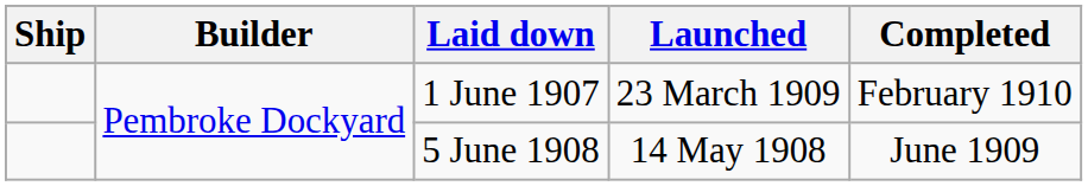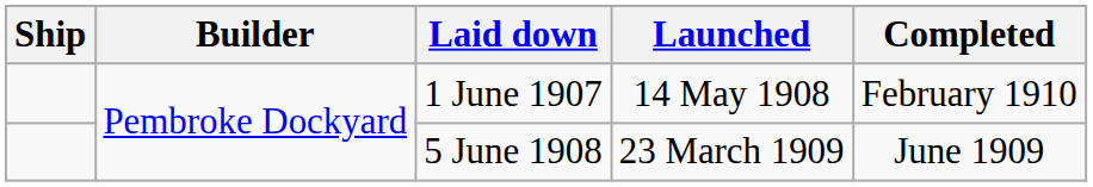 <table class="wikitable plainrowheaders">
 <tr>
 <th scope="col">Ship</th>
 <th scope="col">Builder</th>
 <th scope="col"><a href='#'>Laid down</a></th>
 <th scope="col"><a href='#'>Launched</a></th>
 <th scope="col">Completed</th>
 </tr>
 <tr>
 <td scope="row"></td>
 <td rowspan=2><a href='#'>Pembroke Dockyard</a></td>
 <td align=center>1 June 1907</td>
-<td align=center>23 March 1909</td>
+<td align=center>14 May 1908</td>
 <td align=center>February 1910</td>
 </tr>
 <tr>
 <td scope="row"></td>
 <td align=center>5 June 1908</td>
-<td align=center>14 May 1908</td>
+<td align=center>23 March 1909</td>
 <td align=center>June 1909</td>
 </tr>
 </table>
